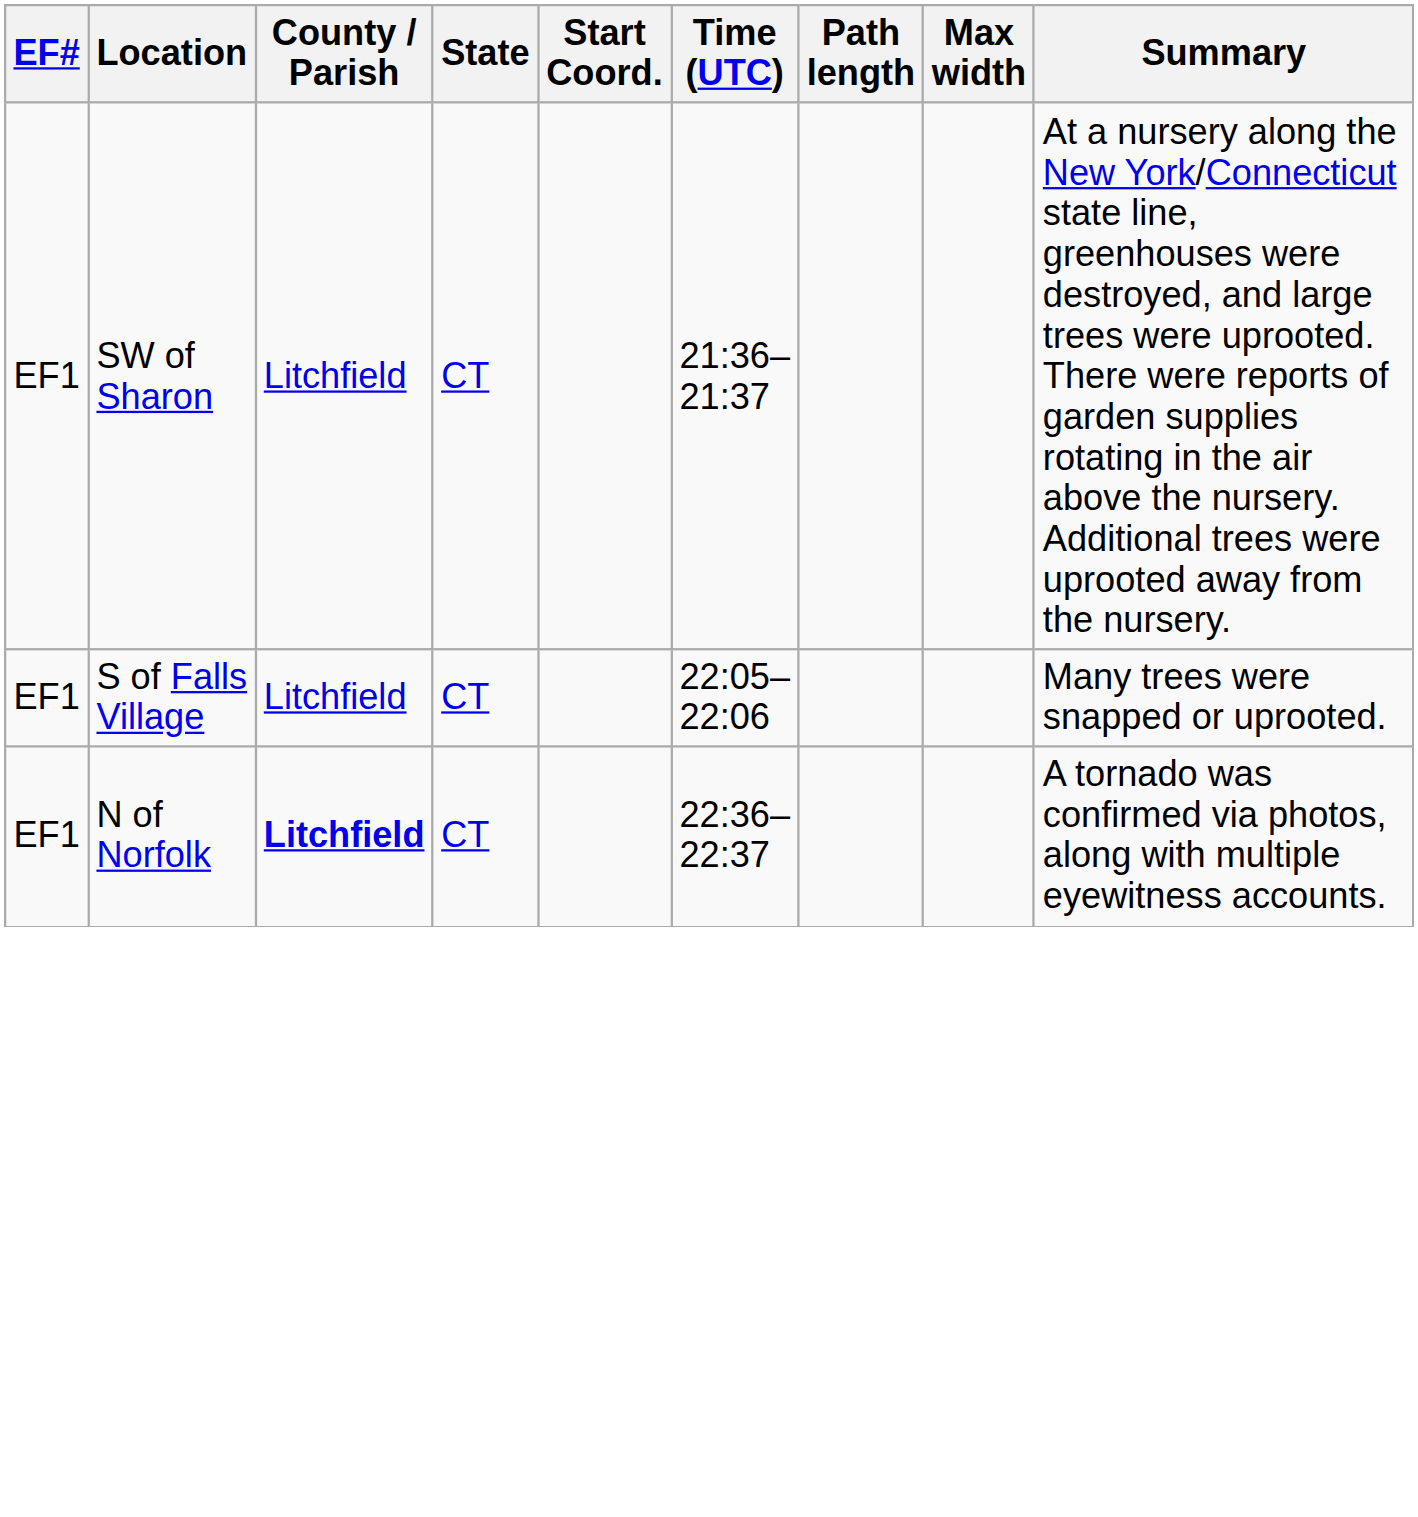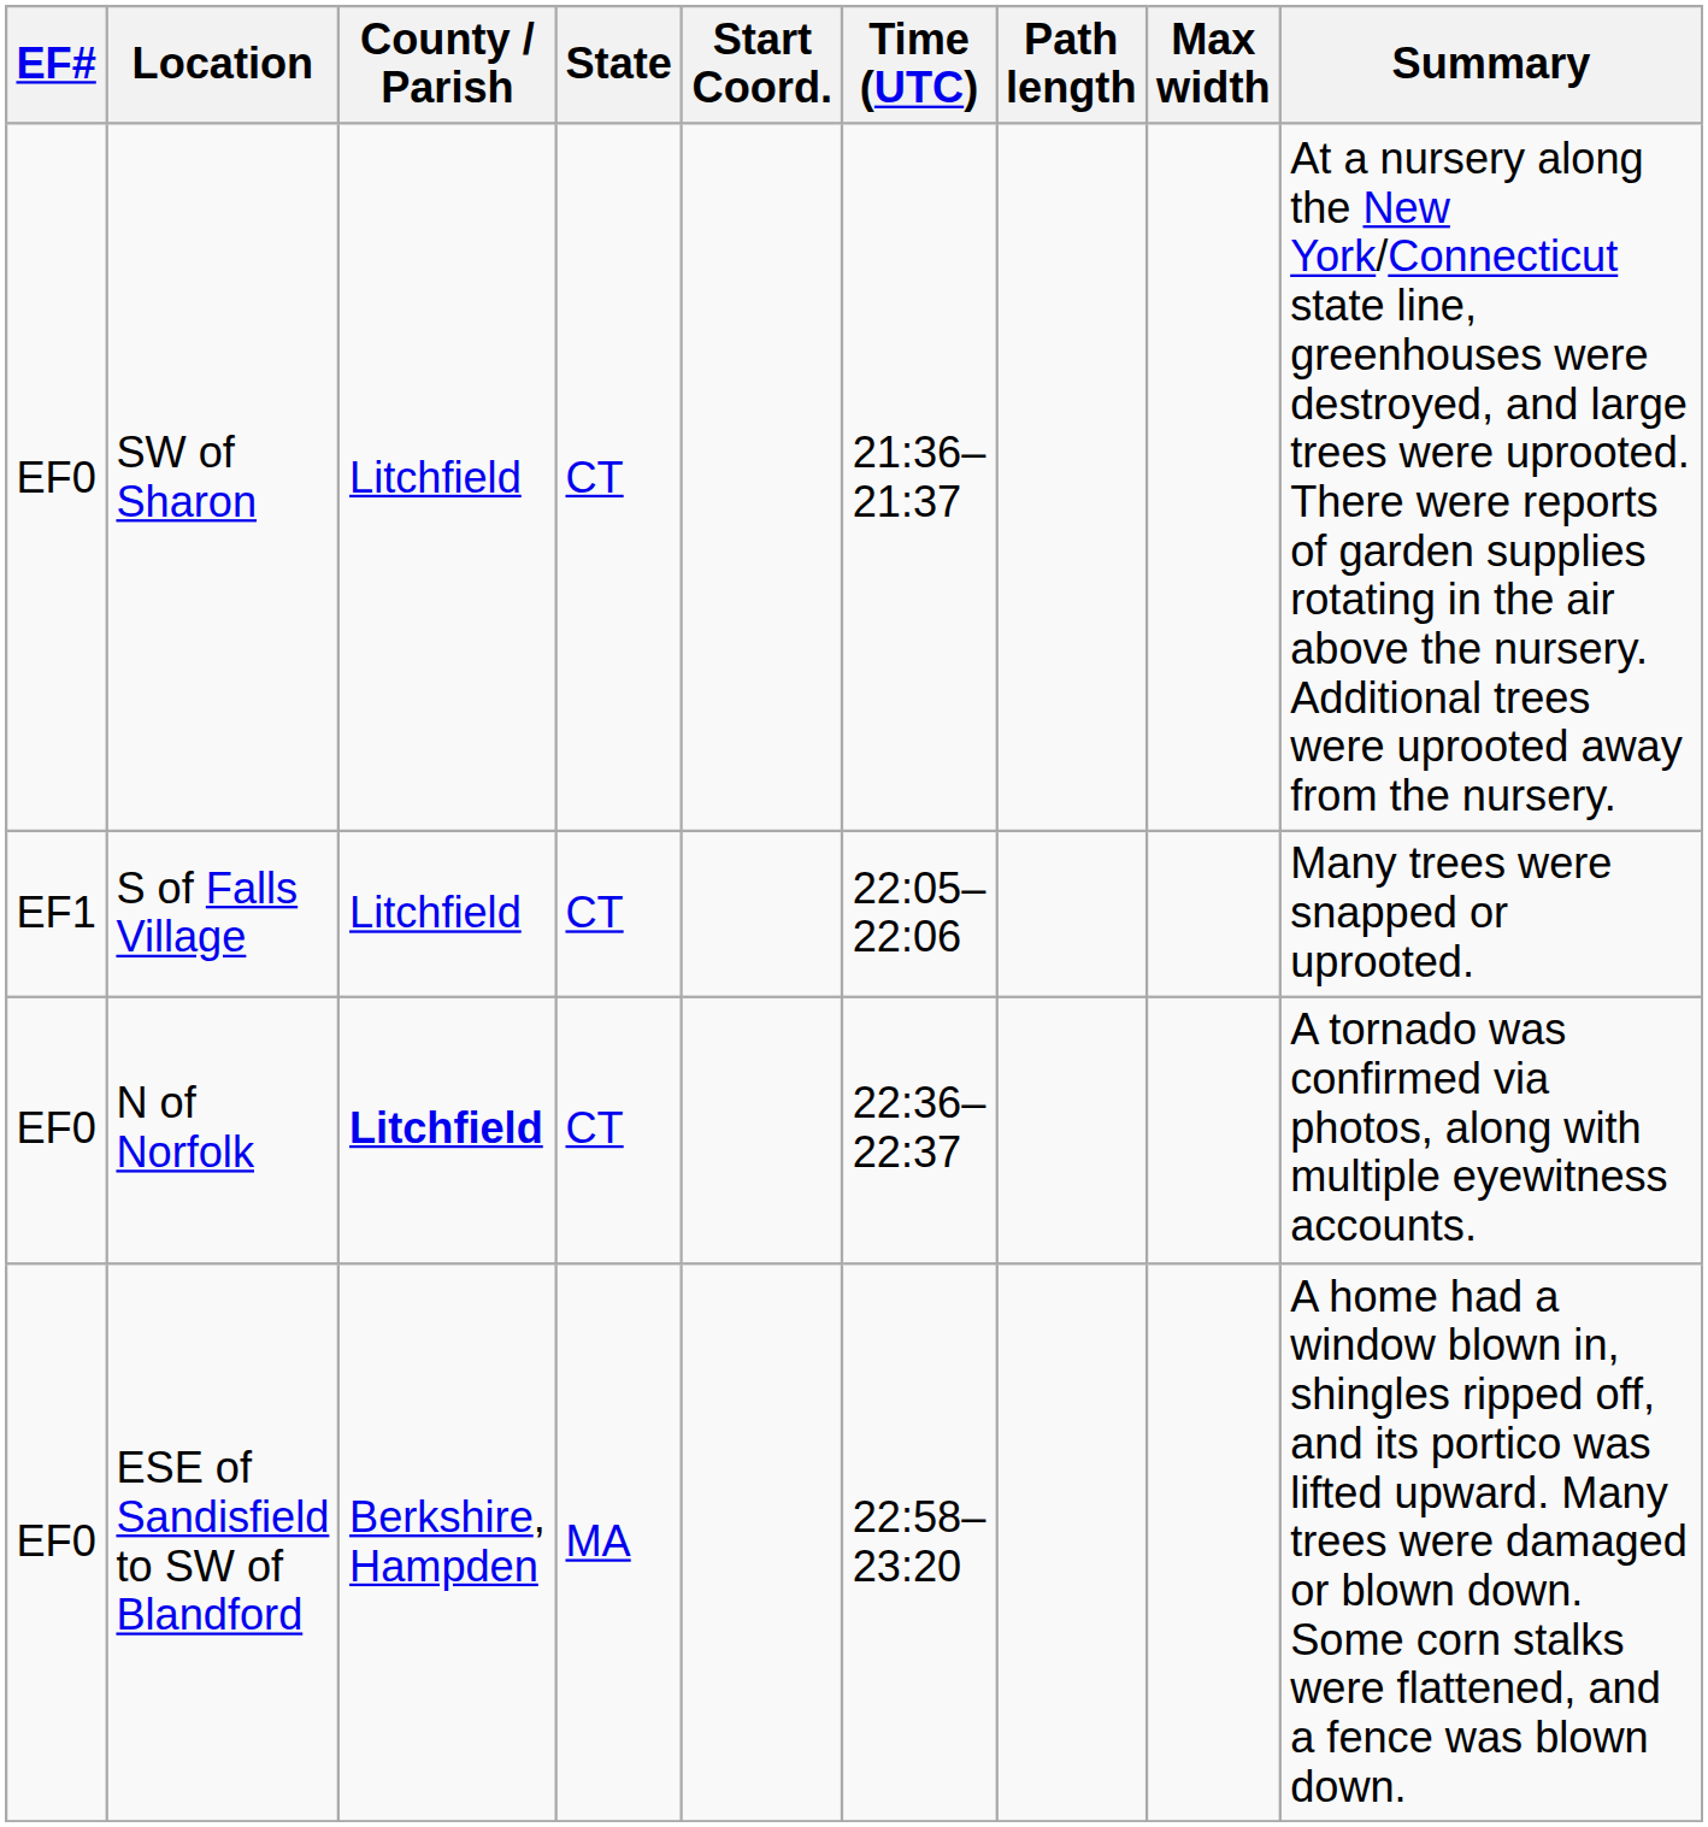 <table class="wikitable sortable" style="width:100%;">
 <tr>
 <th scope="col"  style="width:3%; text-align:center;"><a href='#'>EF#</a></th>
 <th scope="col"  style="width:7%; text-align:center;" class="unsortable">Location</th>
 <th scope="col"  style="width:6%; text-align:center;" class="unsortable">County / Parish</th>
 <th scope="col"  style="width:5%; text-align:center;">State</th>
 <th scope="col"  style="width:6%; text-align:center;">Start Coord.</th>
 <th scope="col"  style="width:6%; text-align:center;">Time (<a href='#'>UTC</a>)</th>
 <th scope="col"  style="width:6%; text-align:center;">Path length</th>
 <th scope="col"  style="width:6%; text-align:center;">Max width</th>
 <th scope="col" class="unsortable" style="width:48%; text-align:center;">Summary</th>
 </tr>
 <tr>
-<td>EF1</td>
+<td>EF0</td>
 <td>SW of <a href='#'>Sharon</a></td>
 <td><a href='#'>Litchfield</a></td>
 <td><a href='#'>CT</a></td>
 <td></td>
 <td>21:36–21:37</td>
 <td></td>
 <td></td>
 <td>At a nursery along the <a href='#'>New York</a>/<a href='#'>Connecticut</a> state line, greenhouses were destroyed, and large trees were uprooted. There were reports of garden supplies rotating in the air above the nursery. Additional trees were uprooted away from the nursery.</td>
 </tr>
 <tr>
 <td>EF1</td>
 <td>S of <a href='#'>Falls Village</a></td>
 <td><a href='#'>Litchfield</a></td>
 <td><a href='#'>CT</a></td>
 <td></td>
 <td>22:05–22:06</td>
 <td></td>
 <td></td>
 <td>Many trees were snapped or uprooted.</td>
 </tr>
 <tr>
-<td>EF1</td>
+<td>EF0</td>
 <td>N of <a href='#'>Norfolk</a></td>
 <td><strong><a href='#'>Litchfield</a></strong></td>
 <td><a href='#'>CT</a></td>
 <td></td>
 <td>22:36–22:37</td>
 <td></td>
 <td></td>
 <td>A tornado was confirmed via photos, along with multiple eyewitness accounts.</td>
 </tr>
 <tr>
+<td>EF0</td>
+<td>ESE of <a href='#'>Sandisfield</a> to SW of <a href='#'>Blandford</a></td>
+<td><a href='#'>Berkshire</a>, <a href='#'>Hampden</a></td>
+<td><a href='#'>MA</a></td>
+<td></td>
+<td>22:58–23:20</td>
+<td></td>
+<td></td>
+<td>A home had a window blown in, shingles ripped off, and its portico was lifted upward. Many trees were damaged or blown down. Some corn stalks were flattened, and a fence was blown down.</td>
+</tr>
+<tr>
 </tr>
 </table>
